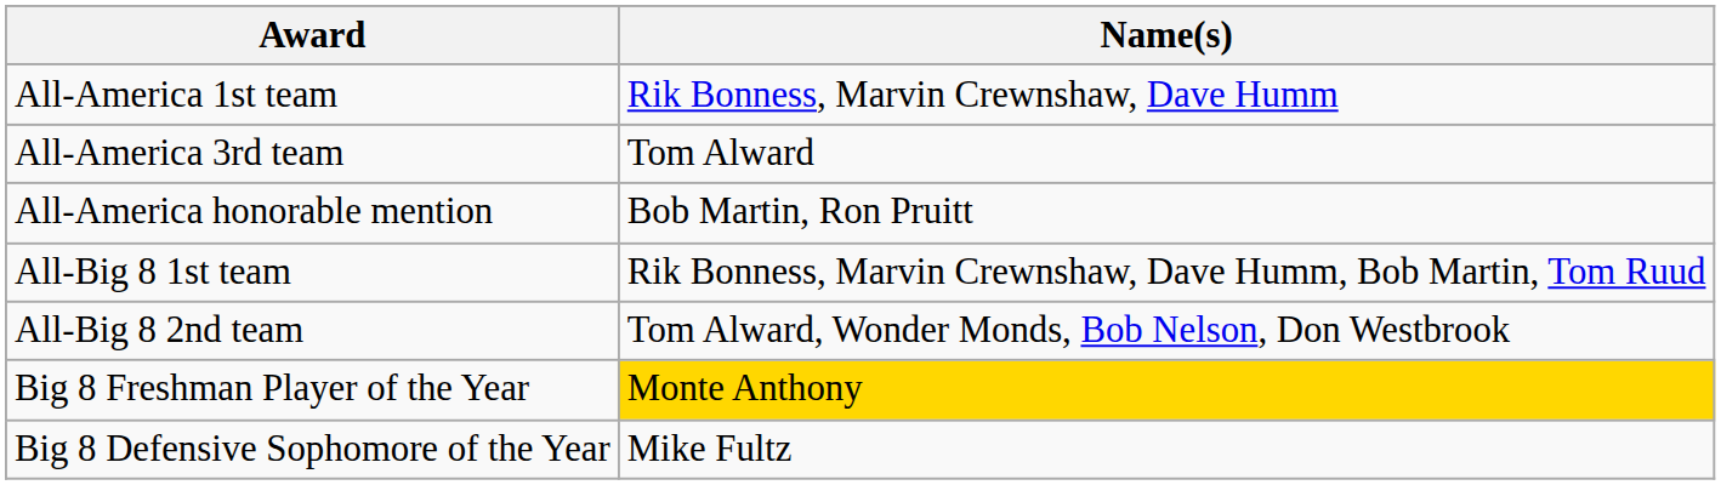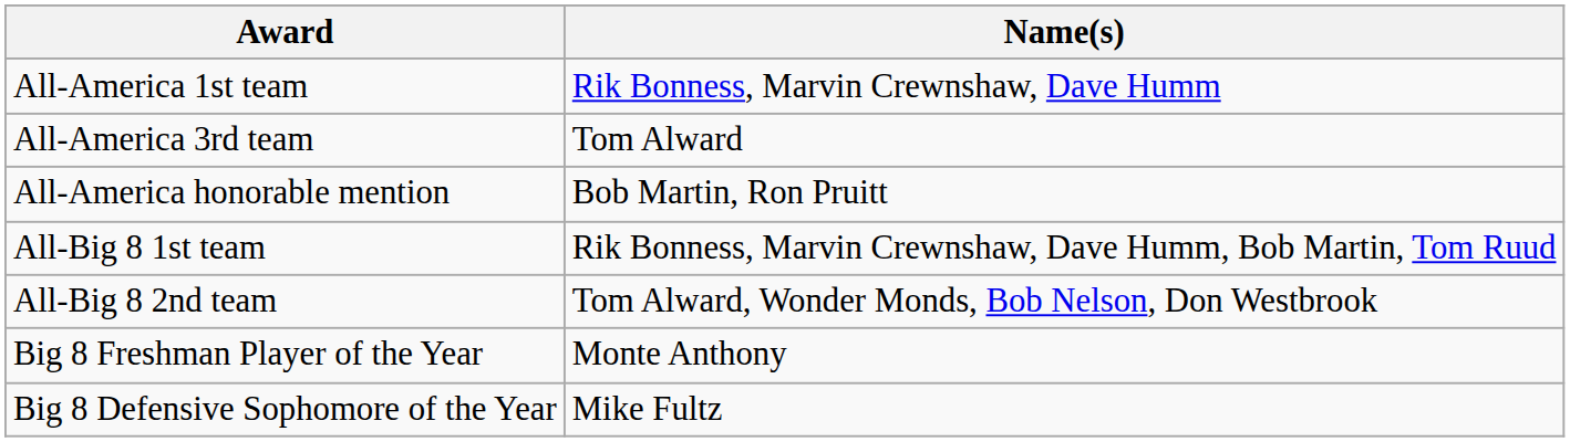 <table class="wikitable">
 <tr>
 <th>Award</th>
 <th>Name(s)</th>
 </tr>
 <tr>
 <td>All-America 1st team</td>
 <td><a href='#'>Rik Bonness</a>, Marvin Crewnshaw, <a href='#'>Dave Humm</a></td>
 </tr>
 <tr>
 <td>All-America 3rd team</td>
 <td>Tom Alward</td>
 </tr>
 <tr>
 <td>All-America honorable mention</td>
 <td>Bob Martin, Ron Pruitt</td>
 </tr>
 <tr>
 <td>All-Big 8 1st team</td>
 <td>Rik Bonness, Marvin Crewnshaw, Dave Humm, Bob Martin, <a href='#'>Tom Ruud</a></td>
 </tr>
 <tr>
 <td>All-Big 8 2nd team</td>
 <td>Tom Alward, Wonder Monds, <a href='#'>Bob Nelson</a>, Don Westbrook</td>
 </tr>
 <tr>
 <td>Big 8 Freshman Player of the Year</td>
-<td style="background: gold;">Monte Anthony</td>
+<td>Monte Anthony</td>
 </tr>
 <tr>
 <td>Big 8 Defensive Sophomore of the Year</td>
 <td>Mike Fultz</td>
 </tr>
 </table>
